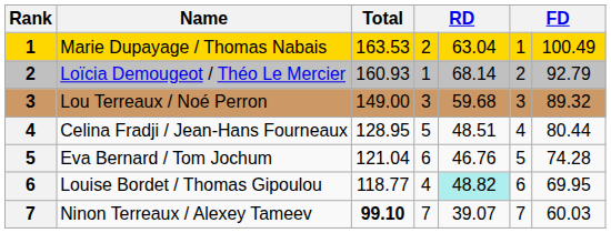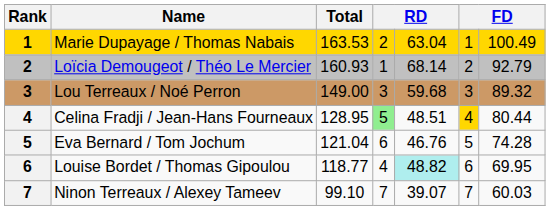 <table class="wikitable sortable">
 <tr>
 <th>Rank</th>
 <th>Name</th>
 <th>Total</th>
 <th colspan="2" width="80px"><a href='#'>RD</a></th>
 <th colspan="2" width="80px"><a href='#'>FD</a></th>
 </tr>
 <tr bgcolor="gold">
 <td align="center"><strong>1</strong></td>
 <td>Marie Dupayage / Thomas Nabais</td>
 <td align="center">163.53</td>
 <td align="center">2</td>
 <td align="center">63.04</td>
 <td align="center">1</td>
 <td align="center">100.49</td>
 </tr>
 <tr bgcolor="silver">
 <td align="center"><strong>2</strong></td>
 <td><a href='#'>Loïcia Demougeot</a> / <a href='#'>Théo Le Mercier</a></td>
 <td align="center">160.93</td>
 <td align="center">1</td>
 <td align="center">68.14</td>
 <td align="center">2</td>
 <td align="center">92.79</td>
 </tr>
 <tr bgcolor="cc9966">
 <td align="center"><strong>3</strong></td>
 <td>Lou Terreaux / Noé Perron</td>
 <td align="center">149.00</td>
 <td align="center">3</td>
 <td align="center">59.68</td>
 <td align="center">3</td>
 <td align="center">89.32</td>
 </tr>
 <tr>
 <th>4</th>
 <td>Celina Fradji / Jean-Hans Fourneaux</td>
 <td align="center">128.95</td>
-<td align="center">5</td>
+<td align="center" style="background: lightgreen;">5</td>
 <td align="center">48.51</td>
-<td align="center">4</td>
+<td align="center" style="background: gold;">4</td>
 <td align="center">80.44</td>
 </tr>
 <tr>
 <th>5</th>
 <td>Eva Bernard / Tom Jochum</td>
 <td align="center">121.04</td>
 <td align="center">6</td>
 <td align="center">46.76</td>
 <td align="center">5</td>
 <td align="center">74.28</td>
 </tr>
 <tr>
 <th>6</th>
 <td>Louise Bordet / Thomas Gipoulou</td>
 <td align="center">118.77</td>
 <td align="center">4</td>
 <td align="center" style="background: paleturquoise;">48.82</td>
 <td align="center">6</td>
 <td align="center">69.95</td>
 </tr>
 <tr>
 <th>7</th>
 <td>Ninon Terreaux / Alexey Tameev</td>
-<td align="center"><strong>99.10</strong></td>
+<td align="center">99.10</td>
 <td align="center">7</td>
 <td align="center">39.07</td>
 <td align="center">7</td>
 <td align="center">60.03</td>
 </tr>
 </table>
